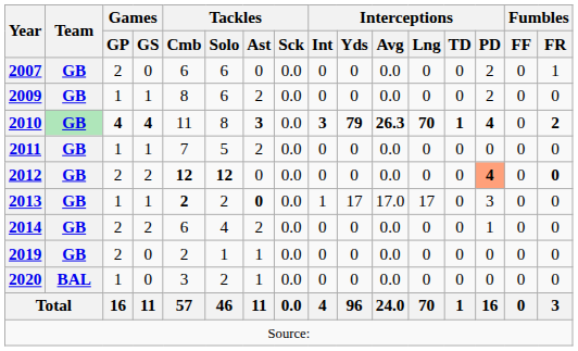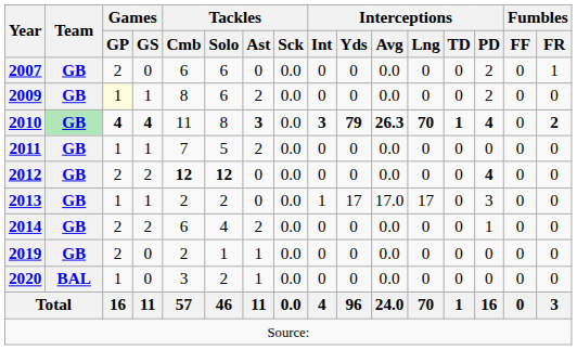 <table class="wikitable" style="text-align: center;">
 <tr>
 <th rowspan="2">Year</th>
 <th rowspan="2">Team</th>
 <th colspan="2">Games</th>
 <th colspan="4">Tackles</th>
 <th colspan="6">Interceptions</th>
 <th colspan="2">Fumbles</th>
 </tr>
 <tr>
 <th>GP</th>
 <th>GS</th>
 <th>Cmb</th>
 <th>Solo</th>
 <th>Ast</th>
 <th>Sck</th>
 <th>Int</th>
 <th>Yds</th>
 <th>Avg</th>
 <th>Lng</th>
 <th>TD</th>
 <th>PD</th>
 <th>FF</th>
 <th>FR</th>
 </tr>
 <tr>
 <th><a href='#'>2007</a></th>
 <th><a href='#'>GB</a></th>
 <td>2</td>
 <td>0</td>
 <td>6</td>
 <td>6</td>
 <td>0</td>
 <td>0.0</td>
 <td>0</td>
 <td>0</td>
 <td>0.0</td>
 <td>0</td>
 <td>0</td>
 <td>2</td>
 <td>0</td>
 <td>1</td>
 </tr>
 <tr>
 <th><a href='#'>2009</a></th>
 <th><a href='#'>GB</a></th>
-<td>1</td>
+<td style="background: lightyellow;">1</td>
 <td>1</td>
 <td>8</td>
 <td>6</td>
 <td>2</td>
 <td>0.0</td>
 <td>0</td>
 <td>0</td>
 <td>0.0</td>
 <td>0</td>
 <td>0</td>
 <td>2</td>
 <td>0</td>
 <td>0</td>
 </tr>
 <tr>
 <th><a href='#'>2010</a></th>
 <th style="background:#afe6ba; width:3em;"><a href='#'>GB</a></th>
 <td><strong>4</strong></td>
 <td><strong>4</strong></td>
 <td>11</td>
 <td>8</td>
 <td><strong>3</strong></td>
 <td>0.0</td>
 <td><strong>3</strong></td>
 <td><strong>79</strong></td>
 <td><strong>26.3</strong></td>
 <td><strong>70</strong></td>
 <td><strong>1</strong></td>
 <td><strong>4</strong></td>
 <td>0</td>
 <td><strong>2</strong></td>
 </tr>
 <tr>
 <th><a href='#'>2011</a></th>
 <th><a href='#'>GB</a></th>
 <td>1</td>
 <td>1</td>
 <td>7</td>
 <td>5</td>
 <td>2</td>
 <td>0.0</td>
 <td>0</td>
 <td>0</td>
 <td>0.0</td>
 <td>0</td>
 <td>0</td>
 <td>0</td>
 <td>0</td>
 <td>0</td>
 </tr>
 <tr>
 <th><a href='#'>2012</a></th>
 <th><a href='#'>GB</a></th>
 <td>2</td>
 <td>2</td>
 <td><strong>12</strong></td>
 <td><strong>12</strong></td>
 <td>0</td>
 <td>0.0</td>
 <td>0</td>
 <td>0</td>
 <td>0.0</td>
 <td>0</td>
 <td>0</td>
-<td style="background: lightsalmon;"><strong>4</strong></td>
+<td><strong>4</strong></td>
 <td>0</td>
-<td><strong>0</strong></td>
+<td>0</td>
 </tr>
 <tr>
 <th><a href='#'>2013</a></th>
 <th><a href='#'>GB</a></th>
 <td>1</td>
 <td>1</td>
-<td><strong>2</strong></td>
 <td>2</td>
-<td><strong>0</strong></td>
+<td>2</td>
+<td>0</td>
 <td>0.0</td>
 <td>1</td>
 <td>17</td>
 <td>17.0</td>
 <td>17</td>
 <td>0</td>
 <td>3</td>
 <td>0</td>
 <td>0</td>
 </tr>
 <tr>
 <th><a href='#'>2014</a></th>
 <th><a href='#'>GB</a></th>
 <td>2</td>
 <td>2</td>
 <td>6</td>
 <td>4</td>
 <td>2</td>
 <td>0.0</td>
 <td>0</td>
 <td>0</td>
 <td>0.0</td>
 <td>0</td>
 <td>0</td>
 <td>1</td>
 <td>0</td>
 <td>0</td>
 </tr>
 <tr>
 <th><a href='#'>2019</a></th>
 <th><a href='#'>GB</a></th>
 <td>2</td>
 <td>0</td>
 <td>2</td>
 <td>1</td>
 <td>1</td>
 <td>0.0</td>
 <td>0</td>
 <td>0</td>
 <td>0.0</td>
 <td>0</td>
 <td>0</td>
 <td>0</td>
 <td>0</td>
 <td>0</td>
 </tr>
 <tr>
 <th><a href='#'>2020</a></th>
 <th><a href='#'>BAL</a></th>
 <td>1</td>
 <td>0</td>
 <td>3</td>
 <td>2</td>
 <td>1</td>
 <td>0.0</td>
 <td>0</td>
 <td>0</td>
 <td>0.0</td>
 <td>0</td>
 <td>0</td>
 <td>0</td>
 <td>0</td>
 <td>0</td>
 </tr>
 <tr>
 <th colspan="2">Total</th>
 <th>16</th>
 <th>11</th>
 <th>57</th>
 <th>46</th>
 <th>11</th>
 <th>0.0</th>
 <th>4</th>
 <th>96</th>
 <th>24.0</th>
 <th>70</th>
 <th>1</th>
 <th>16</th>
 <th>0</th>
 <th>3</th>
 </tr>
 <tr>
 <td colspan="17"><small>Source: </small></td>
 </tr>
 </table>
